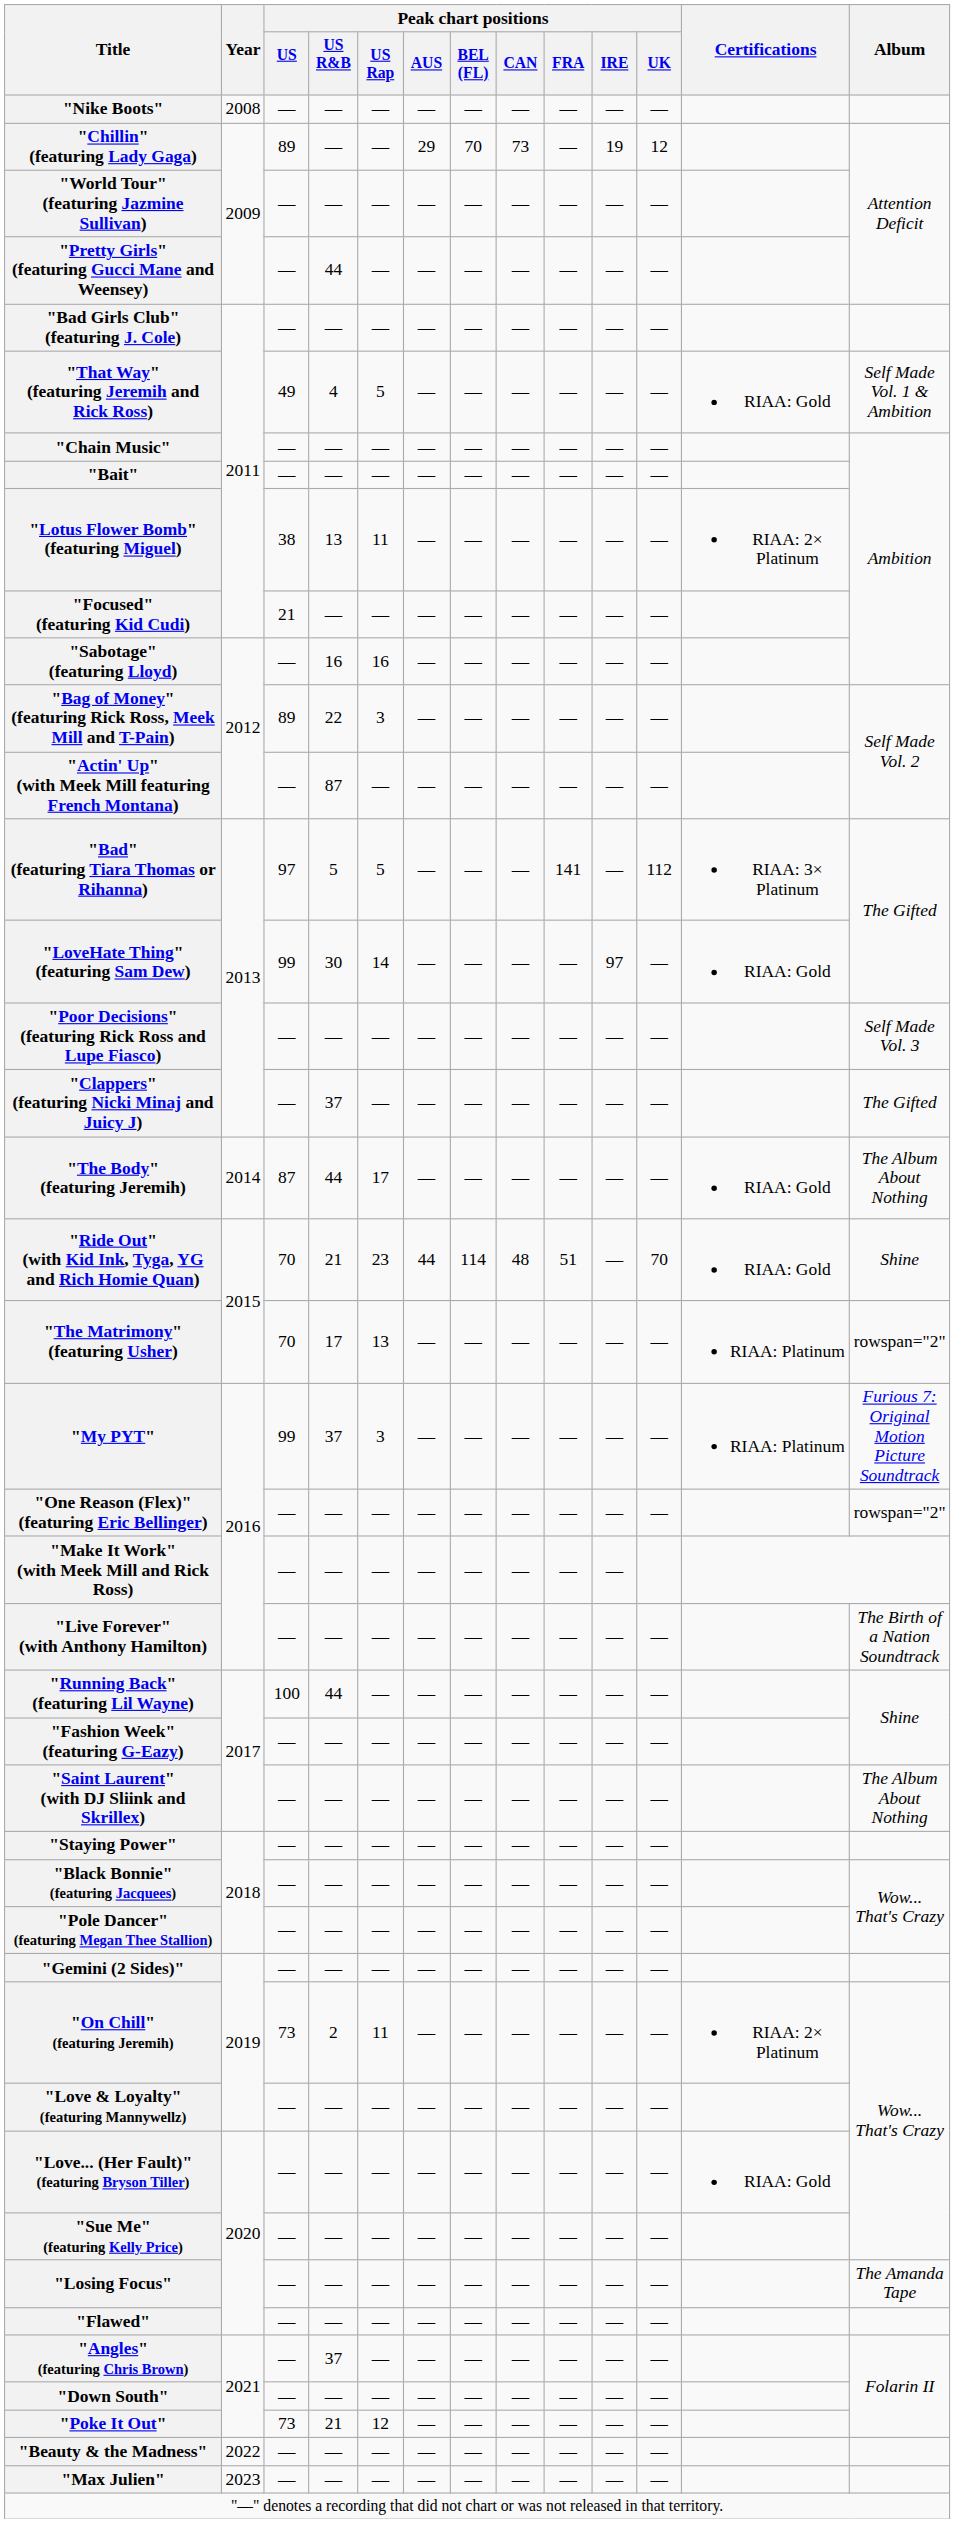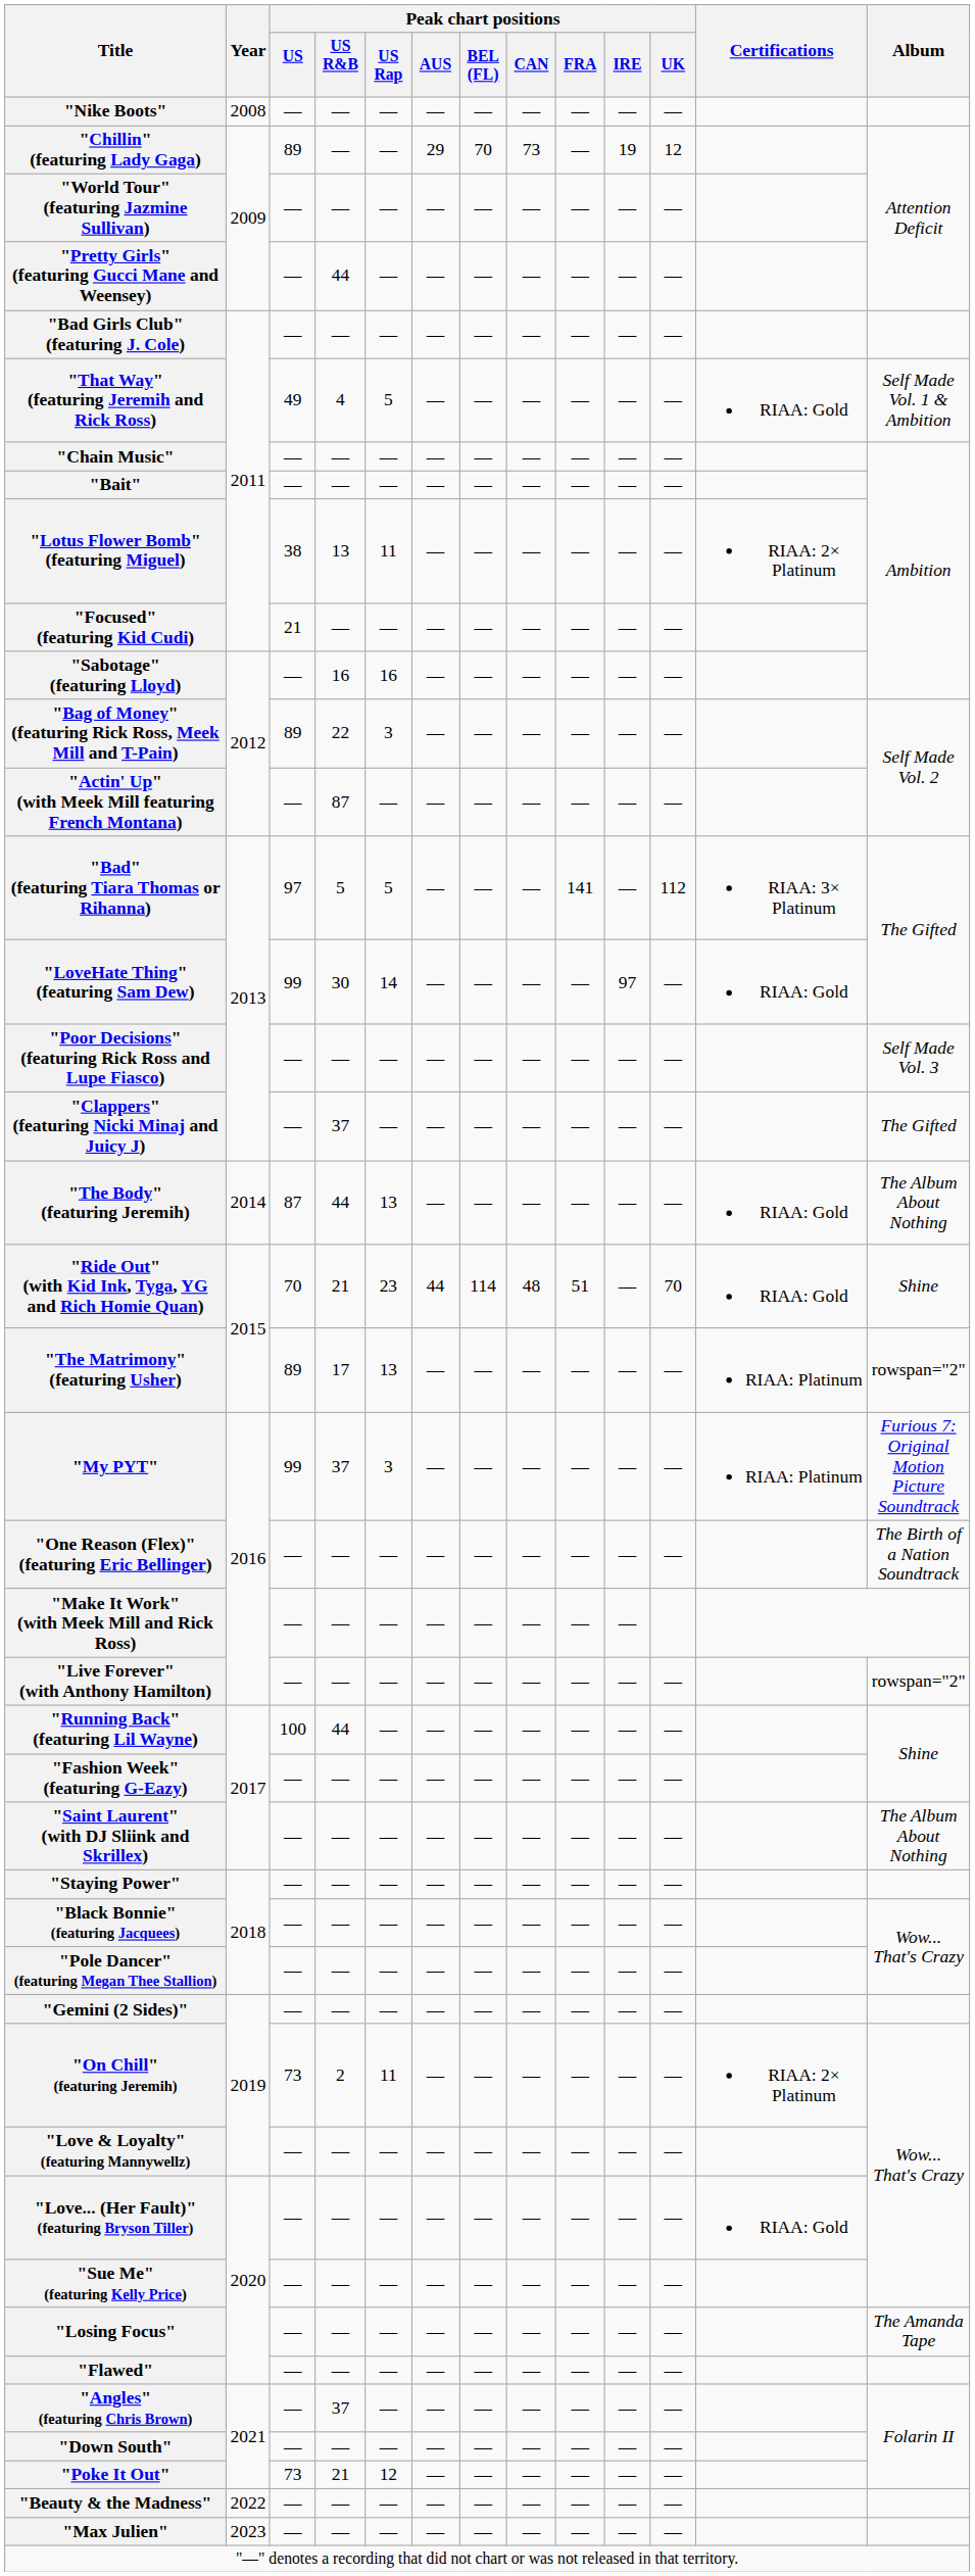 <table class="wikitable plainrowheaders" style="text-align:center;">
 <tr>
 <th scope="col" rowspan="2" style="width:18em;">Title</th>
 <th scope="col" rowspan="2">Year</th>
 <th scope="col" colspan="9">Peak chart positions</th>
 <th scope="col" rowspan="2" style="width:12em;"><a href='#'>Certifications</a></th>
 <th scope="col" rowspan="2">Album</th>
 </tr>
 <tr>
 <th scope="col" style="width:3em;font-size:90%;"><a href='#'>US</a><br><br></th>
 <th scope="col" style="width:3em;font-size:90%;"><a href='#'>US<br>R&B</a><br><br></th>
 <th scope="col" style="width:3em;font-size:90%;"><a href='#'>US<br>Rap</a><br></th>
 <th scope="col" style="width:3em;font-size:90%;"><a href='#'>AUS</a><br></th>
 <th scope="col" style="width:3em;font-size:90%;"><a href='#'>BEL (FL)</a><br></th>
 <th scope="col" style="width:3em;font-size:90%;"><a href='#'>CAN</a><br></th>
 <th scope="col" style="width:3em;font-size:90%;"><a href='#'>FRA</a><br></th>
 <th scope="col" style="width:3em;font-size:90%;"><a href='#'>IRE</a><br></th>
 <th scope="col" style="width:3em;font-size:90%;"><a href='#'>UK</a><br></th>
 </tr>
 <tr>
 <th scope="row">"Nike Boots"</th>
 <td>2008</td>
 <td>—</td>
 <td>—</td>
 <td>—</td>
 <td>—</td>
 <td>—</td>
 <td>—</td>
 <td>—</td>
 <td>—</td>
 <td>—</td>
 <td></td>
 <td></td>
 </tr>
 <tr>
 <th scope="row">"<a href='#'>Chillin</a>"<br><span>(featuring <a href='#'>Lady Gaga</a>)</span></th>
 <td rowspan="3">2009</td>
 <td>89</td>
 <td>—</td>
 <td>—</td>
 <td>29</td>
 <td>70</td>
 <td>73</td>
 <td>—</td>
 <td>19</td>
 <td>12</td>
 <td></td>
 <td rowspan="3"><em>Attention Deficit</em></td>
 </tr>
 <tr>
 <th scope="row">"World Tour"<br><span>(featuring <a href='#'>Jazmine Sullivan</a>)</span></th>
 <td>—</td>
 <td>—</td>
 <td>—</td>
 <td>—</td>
 <td>—</td>
 <td>—</td>
 <td>—</td>
 <td>—</td>
 <td>—</td>
 <td></td>
 </tr>
 <tr>
 <th scope="row">"<a href='#'>Pretty Girls</a>"<br><span>(featuring <a href='#'>Gucci Mane</a> and Weensey)</span></th>
 <td>—</td>
 <td>44</td>
 <td>—</td>
 <td>—</td>
 <td>—</td>
 <td>—</td>
 <td>—</td>
 <td>—</td>
 <td>—</td>
 <td></td>
 </tr>
 <tr>
 <th scope="row">"Bad Girls Club"<br><span>(featuring <a href='#'>J. Cole</a>)</span></th>
 <td rowspan="6">2011</td>
 <td>—</td>
 <td>—</td>
 <td>—</td>
 <td>—</td>
 <td>—</td>
 <td>—</td>
 <td>—</td>
 <td>—</td>
 <td>—</td>
 <td></td>
 <td></td>
 </tr>
 <tr>
 <th scope="row">"<a href='#'>That Way</a>"<br><span>(featuring <a href='#'>Jeremih</a> and <a href='#'>Rick Ross</a>)</span></th>
 <td>49</td>
 <td>4</td>
 <td>5</td>
 <td>—</td>
 <td>—</td>
 <td>—</td>
 <td>—</td>
 <td>—</td>
 <td>—</td>
 <td><br><ul><li>RIAA: Gold</li></ul></td>
 <td><em>Self Made Vol. 1 & Ambition</em></td>
 </tr>
 <tr>
 <th scope="row">"Chain Music"</th>
 <td>—</td>
 <td>—</td>
 <td>—</td>
 <td>—</td>
 <td>—</td>
 <td>—</td>
 <td>—</td>
 <td>—</td>
 <td>—</td>
 <td></td>
 <td rowspan="5"><em>Ambition</em></td>
 </tr>
 <tr>
 <th scope="row">"Bait"</th>
 <td>—</td>
 <td>—</td>
 <td>—</td>
 <td>—</td>
 <td>—</td>
 <td>—</td>
 <td>—</td>
 <td>—</td>
 <td>—</td>
 <td></td>
 </tr>
 <tr>
 <th scope="row">"<a href='#'>Lotus Flower Bomb</a>"<br><span>(featuring <a href='#'>Miguel</a>)</span></th>
 <td>38</td>
 <td>13</td>
 <td>11</td>
 <td>—</td>
 <td>—</td>
 <td>—</td>
 <td>—</td>
 <td>—</td>
 <td>—</td>
 <td><br><ul><li>RIAA: 2× Platinum</li></ul></td>
 </tr>
 <tr>
 <th scope="row">"Focused"<br><span>(featuring <a href='#'>Kid Cudi</a>)</span></th>
 <td>21</td>
 <td>—</td>
 <td>—</td>
 <td>—</td>
 <td>—</td>
 <td>—</td>
 <td>—</td>
 <td>—</td>
 <td>—</td>
 <td></td>
 </tr>
 <tr>
 <th scope="row">"Sabotage"<br><span>(featuring <a href='#'>Lloyd</a>)</span></th>
 <td rowspan="3">2012</td>
 <td>—</td>
 <td>16</td>
 <td>16</td>
 <td>—</td>
 <td>—</td>
 <td>—</td>
 <td>—</td>
 <td>—</td>
 <td>—</td>
 <td></td>
 </tr>
 <tr>
 <th scope="row">"<a href='#'>Bag of Money</a>"<br><span>(featuring Rick Ross, <a href='#'>Meek Mill</a> and <a href='#'>T-Pain</a>)</span></th>
 <td>89</td>
 <td>22</td>
 <td>3</td>
 <td>—</td>
 <td>—</td>
 <td>—</td>
 <td>—</td>
 <td>—</td>
 <td>—</td>
 <td></td>
 <td rowspan="2"><em>Self Made Vol. 2</em></td>
 </tr>
 <tr>
 <th scope="row">"<a href='#'>Actin' Up</a>"<br><span>(with Meek Mill featuring <a href='#'>French Montana</a>)</span></th>
 <td>—</td>
 <td>87</td>
 <td>—</td>
 <td>—</td>
 <td>—</td>
 <td>—</td>
 <td>—</td>
 <td>—</td>
 <td>—</td>
 <td></td>
 </tr>
 <tr>
 <th scope="row">"<a href='#'>Bad</a>"<br><span>(featuring <a href='#'>Tiara Thomas</a> or <a href='#'>Rihanna</a>)</span></th>
 <td rowspan="4">2013</td>
 <td>97</td>
 <td>5</td>
 <td>5</td>
 <td>—</td>
 <td>—</td>
 <td>—</td>
 <td>141</td>
 <td>—</td>
 <td>112</td>
 <td><br><ul><li>RIAA: 3× Platinum</li></ul></td>
 <td rowspan="2"><em>The Gifted</em></td>
 </tr>
 <tr>
 <th scope="row">"<a href='#'>LoveHate Thing</a>"<br><span>(featuring <a href='#'>Sam Dew</a>)</span></th>
 <td>99</td>
 <td>30</td>
 <td>14</td>
 <td>—</td>
 <td>—</td>
 <td>—</td>
 <td>—</td>
 <td>97<br></td>
 <td>—</td>
 <td><br><ul><li>RIAA: Gold</li></ul></td>
 </tr>
 <tr>
 <th scope="row">"<a href='#'>Poor Decisions</a>"<br><span>(featuring Rick Ross and <a href='#'>Lupe Fiasco</a>)</span></th>
 <td>—</td>
 <td>—</td>
 <td>—</td>
 <td>—</td>
 <td>—</td>
 <td>—</td>
 <td>—</td>
 <td>—</td>
 <td>—</td>
 <td></td>
 <td><em>Self Made Vol. 3</em></td>
 </tr>
 <tr>
 <th scope="row">"<a href='#'>Clappers</a>"<br><span>(featuring <a href='#'>Nicki Minaj</a> and <a href='#'>Juicy J</a>)</span></th>
 <td>—</td>
 <td>37</td>
 <td>—</td>
 <td>—</td>
 <td>—</td>
 <td>—</td>
 <td>—</td>
 <td>—</td>
 <td>—</td>
 <td></td>
 <td><em>The Gifted</em></td>
 </tr>
 <tr>
 <th scope="row">"<a href='#'>The Body</a>"<br><span>(featuring Jeremih)</span></th>
 <td>2014</td>
 <td>87</td>
 <td>44</td>
-<td>17</td>
+<td>13</td>
 <td>—</td>
 <td>—</td>
 <td>—</td>
 <td>—</td>
 <td>—</td>
 <td>—</td>
 <td><br><ul><li>RIAA: Gold</li></ul></td>
 <td><em>The Album About Nothing</em></td>
 </tr>
 <tr>
 <th scope="row">"<a href='#'>Ride Out</a>"<br><span>(with <a href='#'>Kid Ink</a>, <a href='#'>Tyga</a>, <a href='#'>YG</a> and <a href='#'>Rich Homie Quan</a>)</span></th>
 <td rowspan="2">2015</td>
 <td>70</td>
 <td>21</td>
 <td>23</td>
 <td>44</td>
 <td>114</td>
 <td>48</td>
 <td>51</td>
 <td>—</td>
 <td>70</td>
 <td><br><ul><li>RIAA: Gold</li></ul></td>
 <td><em>Shine</em></td>
 </tr>
 <tr>
 <th scope="row">"<a href='#'>The Matrimony</a>"<br><span>(featuring <a href='#'>Usher</a>)</span></th>
-<td>70</td>
+<td>89</td>
 <td>17</td>
 <td>13</td>
 <td>—</td>
 <td>—</td>
 <td>—</td>
 <td>—</td>
 <td>—</td>
 <td>—</td>
 <td><br><ul><li>RIAA: Platinum</li></ul></td>
 <td>rowspan="2" </td>
 </tr>
 <tr>
 <th scope="row">"<a href='#'>My PYT</a>"</th>
 <td rowspan="4">2016</td>
 <td>99</td>
 <td>37</td>
 <td>3</td>
 <td>—</td>
 <td>—</td>
 <td>—</td>
 <td>—</td>
 <td>—</td>
 <td>—</td>
 <td><br><ul><li>RIAA: Platinum</li></ul></td>
 <td><em><a href='#'>Furious 7: Original Motion Picture Soundtrack</a></em></td>
 </tr>
 <tr>
 <th scope="row">"One Reason (Flex)"<br><span>(featuring <a href='#'>Eric Bellinger</a>)</span></th>
 <td>—</td>
 <td>—</td>
 <td>—</td>
 <td>—</td>
 <td>—</td>
 <td>—</td>
 <td>—</td>
 <td>—</td>
 <td>—</td>
 <td></td>
-<td>rowspan="2" </td>
+<td><em>The Birth of a Nation Soundtrack</em></td>
 </tr>
 <tr>
 <th scope="row">"Make It Work"<br><span>(with Meek Mill and Rick Ross)</span></th>
 <td>—</td>
 <td>—</td>
 <td>—</td>
 <td>—</td>
 <td>—</td>
 <td>—</td>
 <td>—</td>
 <td>—</td>
 <td></td>
 </tr>
 <tr>
 <th scope="row">"Live Forever"<br><span>(with Anthony Hamilton)</span></th>
 <td>—</td>
 <td>—</td>
 <td>—</td>
 <td>—</td>
 <td>—</td>
 <td>—</td>
 <td>—</td>
 <td>—</td>
 <td>—</td>
 <td></td>
-<td><em>The Birth of a Nation Soundtrack</em></td>
+<td>rowspan="2" </td>
 </tr>
 <tr>
 <th scope="row">"<a href='#'>Running Back</a>"<br><span>(featuring <a href='#'>Lil Wayne</a>)</span></th>
 <td rowspan="3">2017</td>
 <td>100</td>
 <td>44</td>
 <td>—</td>
 <td>—</td>
 <td>—</td>
 <td>—</td>
 <td>—</td>
 <td>—</td>
 <td>—</td>
 <td></td>
 <td rowspan="2"><em>Shine</em></td>
 </tr>
 <tr>
 <th scope="row">"Fashion Week"<br><span>(featuring <a href='#'>G-Eazy</a>)</span></th>
 <td>—</td>
 <td>—</td>
 <td>—</td>
 <td>—</td>
 <td>—</td>
 <td>—</td>
 <td>—</td>
 <td>—</td>
 <td>—</td>
 <td></td>
 </tr>
 <tr>
 <th scope="row">"<a href='#'>Saint Laurent</a>"<br><span>(with DJ Sliink and <a href='#'>Skrillex</a>)</span></th>
 <td>—</td>
 <td>—</td>
 <td>—</td>
 <td>—</td>
 <td>—</td>
 <td>—</td>
 <td>—</td>
 <td>—</td>
 <td>—</td>
 <td></td>
 <td><em>The Album About Nothing</em></td>
 </tr>
 <tr>
 <th scope="row">"Staying Power"</th>
 <td rowspan="3">2018</td>
 <td>—</td>
 <td>—</td>
 <td>—</td>
 <td>—</td>
 <td>—</td>
 <td>—</td>
 <td>—</td>
 <td>—</td>
 <td>—</td>
 <td></td>
 </tr>
 <tr>
 <th scope="row">"Black Bonnie"<br><small>(featuring <a href='#'>Jacquees</a>)</small></th>
 <td>—</td>
 <td>—</td>
 <td>—</td>
 <td>—</td>
 <td>—</td>
 <td>—</td>
 <td>—</td>
 <td>—</td>
 <td>—</td>
 <td></td>
 <td rowspan="2"><em>Wow... That's Crazy</em></td>
 </tr>
 <tr>
 <th scope="row">"Pole Dancer"<br><small>(featuring <a href='#'>Megan Thee Stallion</a>)</small></th>
 <td>—</td>
 <td>—</td>
 <td>—</td>
 <td>—</td>
 <td>—</td>
 <td>—</td>
 <td>—</td>
 <td>—</td>
 <td>—</td>
 <td></td>
 </tr>
 <tr>
 <th scope="row">"Gemini (2 Sides)"</th>
 <td rowspan="3">2019</td>
 <td>—</td>
 <td>—</td>
 <td>—</td>
 <td>—</td>
 <td>—</td>
 <td>—</td>
 <td>—</td>
 <td>—</td>
 <td>—</td>
 <td></td>
 <td></td>
 </tr>
 <tr>
 <th scope="row">"<a href='#'>On Chill</a>"<br><small>(featuring Jeremih)</small></th>
 <td>73</td>
 <td>2</td>
 <td>11</td>
 <td>—</td>
 <td>—</td>
 <td>—</td>
 <td>—</td>
 <td>—</td>
 <td>—</td>
 <td><br><ul><li>RIAA: 2× Platinum</li></ul></td>
 <td rowspan="4"><em>Wow... That's Crazy</em></td>
 </tr>
 <tr>
 <th scope="row">"Love & Loyalty"<br><small>(featuring Mannywellz)</small></th>
 <td>—</td>
 <td>—</td>
 <td>—</td>
 <td>—</td>
 <td>—</td>
 <td>—</td>
 <td>—</td>
 <td>—</td>
 <td>—</td>
 <td></td>
 </tr>
 <tr>
 <th scope="row">"Love... (Her Fault)"<br><small>(featuring <a href='#'>Bryson Tiller</a>)</small></th>
 <td rowspan="4">2020</td>
 <td>—</td>
 <td>—</td>
 <td>—</td>
 <td>—</td>
 <td>—</td>
 <td>—</td>
 <td>—</td>
 <td>—</td>
 <td>—</td>
 <td><br><ul><li>RIAA: Gold</li></ul></td>
 </tr>
 <tr>
 <th scope="row">"Sue Me"<br><small>(featuring <a href='#'>Kelly Price</a>)</small></th>
 <td>—</td>
 <td>—</td>
 <td>—</td>
 <td>—</td>
 <td>—</td>
 <td>—</td>
 <td>—</td>
 <td>—</td>
 <td>—</td>
 <td></td>
 </tr>
 <tr>
 <th scope="row">"Losing Focus"<br></th>
 <td>—</td>
 <td>—</td>
 <td>—</td>
 <td>—</td>
 <td>—</td>
 <td>—</td>
 <td>—</td>
 <td>—</td>
 <td>—</td>
 <td></td>
 <td><em>The Amanda Tape</em></td>
 </tr>
 <tr>
 <th scope="row">"Flawed"<br></th>
 <td>—</td>
 <td>—</td>
 <td>—</td>
 <td>—</td>
 <td>—</td>
 <td>—</td>
 <td>—</td>
 <td>—</td>
 <td>—</td>
 <td></td>
 <td></td>
 </tr>
 <tr>
 <th scope="row">"<a href='#'>Angles</a>"<br><small>(featuring <a href='#'>Chris Brown</a>)</small></th>
 <td rowspan="3">2021</td>
 <td>—</td>
 <td>37</td>
 <td>—</td>
 <td>—</td>
 <td>—</td>
 <td>—</td>
 <td>—</td>
 <td>—</td>
 <td>—</td>
 <td></td>
 <td rowspan="3"><em>Folarin II</em></td>
 </tr>
 <tr>
 <th scope="row">"Down South"<br></th>
 <td>—</td>
 <td>—</td>
 <td>—</td>
 <td>—</td>
 <td>—</td>
 <td>—</td>
 <td>—</td>
 <td>—</td>
 <td>—</td>
 <td></td>
 </tr>
 <tr>
 <th scope="row">"<a href='#'>Poke It Out</a>"<br></th>
 <td>73</td>
 <td>21</td>
 <td>12</td>
 <td>—</td>
 <td>—</td>
 <td>—</td>
 <td>—</td>
 <td>—</td>
 <td>—</td>
 <td></td>
 </tr>
 <tr>
 <th scope="row">"Beauty & the Madness"<br></th>
 <td>2022</td>
 <td>—</td>
 <td>—</td>
 <td>—</td>
 <td>—</td>
 <td>—</td>
 <td>—</td>
 <td>—</td>
 <td>—</td>
 <td>—</td>
 <td></td>
 <td></td>
 </tr>
 <tr>
 <th scope="row">"Max Julien"</th>
 <td>2023</td>
 <td>—</td>
 <td>—</td>
 <td>—</td>
 <td>—</td>
 <td>—</td>
 <td>—</td>
 <td>—</td>
 <td>—</td>
 <td>—</td>
 <td></td>
 <td></td>
 </tr>
 <tr>
 <td colspan="14" style="font-size:90%">"—" denotes a recording that did not chart or was not released in that territory.</td>
 </tr>
 </table>
